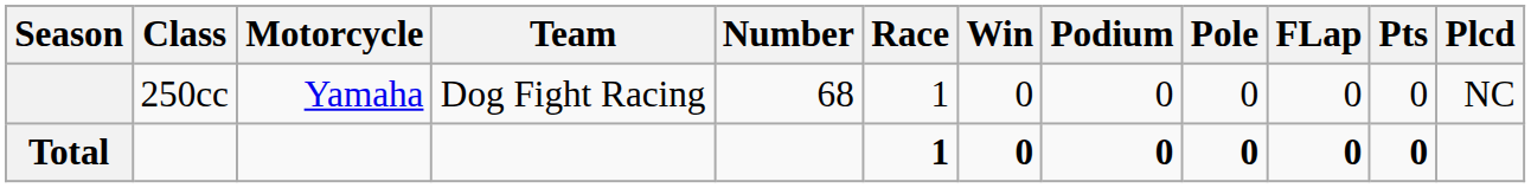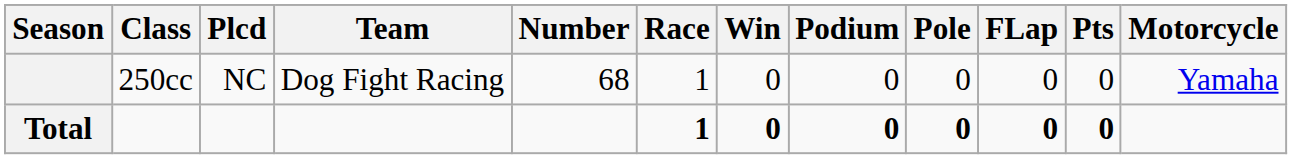 <table class="wikitable">
 <tr>
 <th>Season</th>
 <th>Class</th>
-<th>Motorcycle</th>
+<th>Plcd</th>
 <th>Team</th>
 <th>Number</th>
 <th>Race</th>
 <th>Win</th>
 <th>Podium</th>
 <th>Pole</th>
 <th>FLap</th>
 <th>Pts</th>
-<th>Plcd</th>
+<th>Motorcycle</th>
 </tr>
 <tr align="right">
 <th></th>
 <td>250cc</td>
-<td><a href='#'>Yamaha</a></td>
+<td>NC</td>
 <td>Dog Fight Racing</td>
 <td>68</td>
 <td>1</td>
 <td>0</td>
 <td>0</td>
 <td>0</td>
 <td>0</td>
 <td>0</td>
-<td>NC</td>
+<td><a href='#'>Yamaha</a></td>
 </tr>
 <tr align="right">
 <th>Total</th>
 <td></td>
 <td></td>
 <td></td>
 <td></td>
 <td><strong>1</strong></td>
 <td><strong>0</strong></td>
 <td><strong>0</strong></td>
 <td><strong>0</strong></td>
 <td><strong>0</strong></td>
 <td><strong>0</strong></td>
 <td></td>
 </tr>
 </table>
